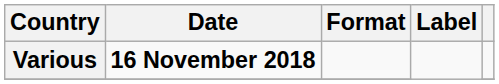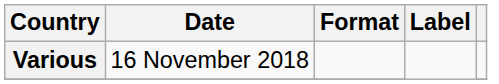 <table class="wikitable plainrowheaders">
 <tr>
 <th>Country</th>
 <th>Date</th>
 <th>Format</th>
 <th>Label</th>
 <th></th>
 </tr>
 <tr>
 <th scope="row">Various</th>
-<td><strong>16 November 2018</strong></td>
+<td>16 November 2018</td>
 <td></td>
 <td rowspan="2"></td>
 <td></td>
 </tr>
 <tr>
 </tr>
 </table>
